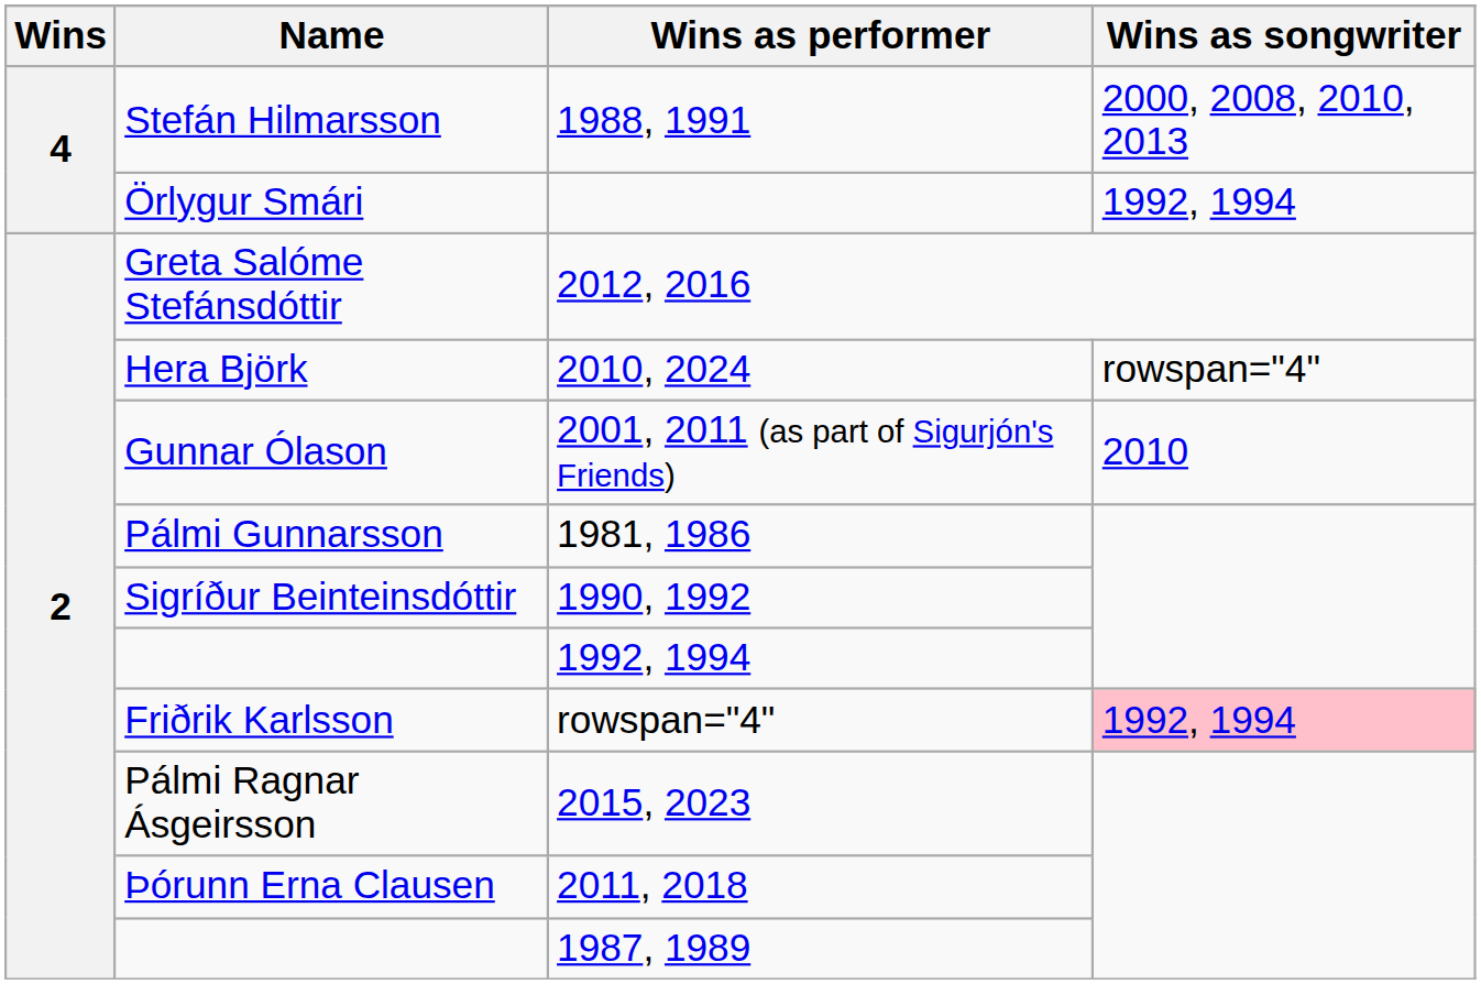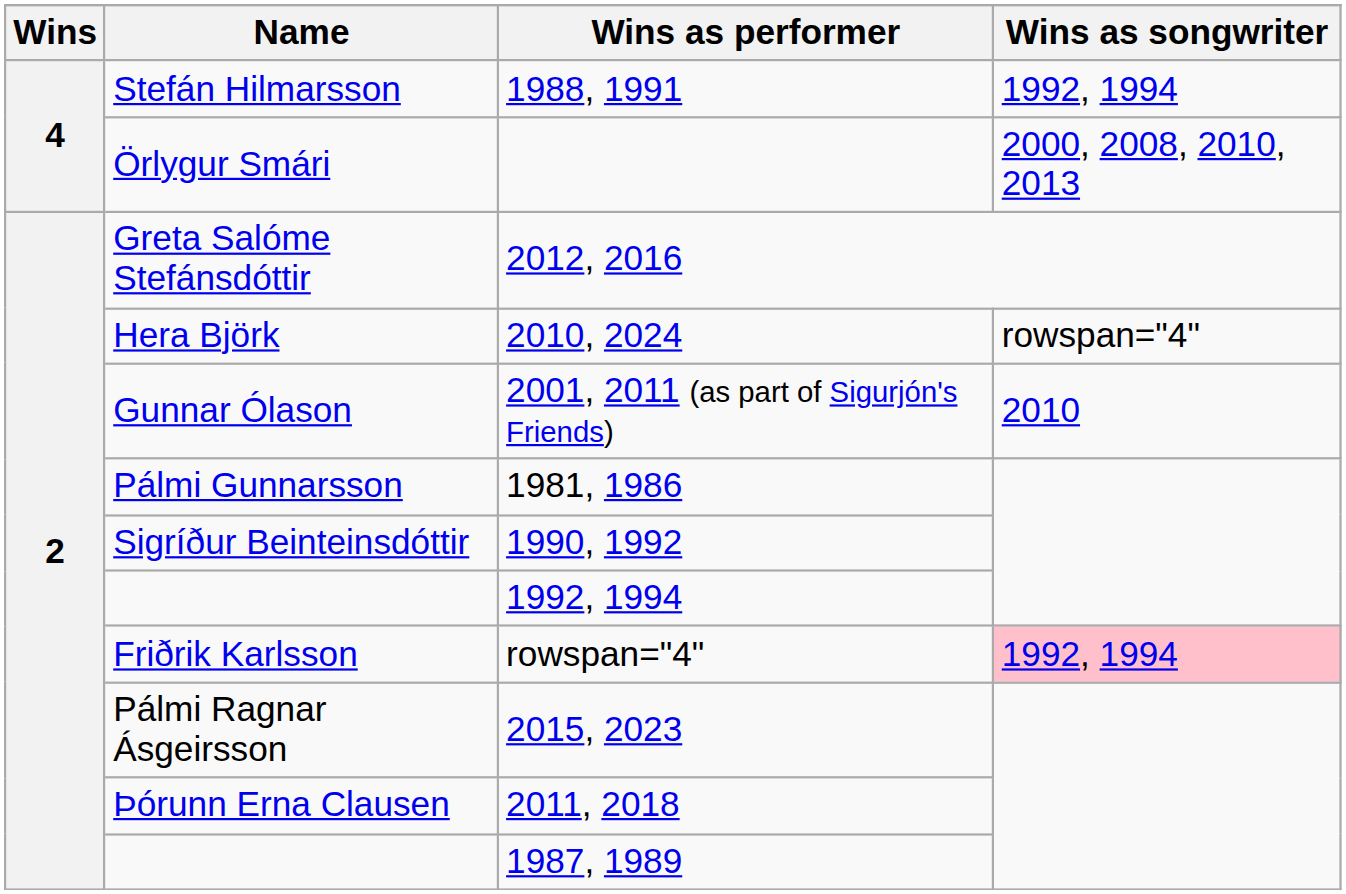 <table class="wikitable plainrowheaders">
 <tr>
 </tr>
 <tr>
 <th scope="col">Wins</th>
 <th scope="col">Name</th>
 <th scope="col">Wins as performer</th>
 <th scope="col">Wins as songwriter</th>
 </tr>
 <tr>
 <th scope="row" rowspan="2" style="text-align:center;">4</th>
 <td><a href='#'>Stefán Hilmarsson</a></td>
 <td><a href='#'>1988</a>, <a href='#'>1991</a></td>
-<td><a href='#'>2000</a>, <a href='#'>2008</a>, <a href='#'>2010</a>, <a href='#'>2013</a></td>
+<td><a href='#'>1992</a>, <a href='#'>1994</a></td>
 </tr>
 <tr>
 <td><a href='#'>Örlygur Smári</a></td>
 <td></td>
-<td><a href='#'>1992</a>, <a href='#'>1994</a></td>
+<td><a href='#'>2000</a>, <a href='#'>2008</a>, <a href='#'>2010</a>, <a href='#'>2013</a></td>
 </tr>
 <tr>
 <th scope="row" rowspan="10" style="text-align:center;">2</th>
 <td><a href='#'>Greta Salóme Stefánsdóttir</a></td>
 <td colspan="2"><a href='#'>2012</a>, <a href='#'>2016</a></td>
 </tr>
 <tr>
 <td><a href='#'>Hera Björk</a></td>
 <td><a href='#'>2010</a>, <a href='#'>2024</a></td>
 <td>rowspan="4" </td>
 </tr>
 <tr>
 <td><a href='#'>Gunnar Ólason</a></td>
 <td><a href='#'>2001</a>, <a href='#'>2011</a> <small>(as part of <a href='#'>Sigurjón's Friends</a>)</small></td>
 <td><a href='#'>2010</a></td>
 </tr>
 <tr>
 <td><a href='#'>Pálmi Gunnarsson</a></td>
 <td>1981, <a href='#'>1986</a></td>
 </tr>
 <tr>
 <td><a href='#'>Sigríður Beinteinsdóttir</a></td>
 <td><a href='#'>1990</a>, <a href='#'>1992</a></td>
 </tr>
 <tr>
 <td></td>
 <td><a href='#'>1992</a>, <a href='#'>1994</a></td>
 </tr>
 <tr>
 <td><a href='#'>Friðrik Karlsson</a></td>
 <td>rowspan="4" </td>
 <td style="background: pink;"><a href='#'>1992</a>, <a href='#'>1994</a></td>
 </tr>
 <tr>
 <td>Pálmi Ragnar Ásgeirsson</td>
 <td><a href='#'>2015</a>, <a href='#'>2023</a></td>
 </tr>
 <tr>
 <td><a href='#'>Þórunn Erna Clausen</a></td>
 <td><a href='#'>2011</a>, <a href='#'>2018</a></td>
 </tr>
 <tr>
 <td></td>
 <td><a href='#'>1987</a>, <a href='#'>1989</a></td>
 </tr>
 </table>
